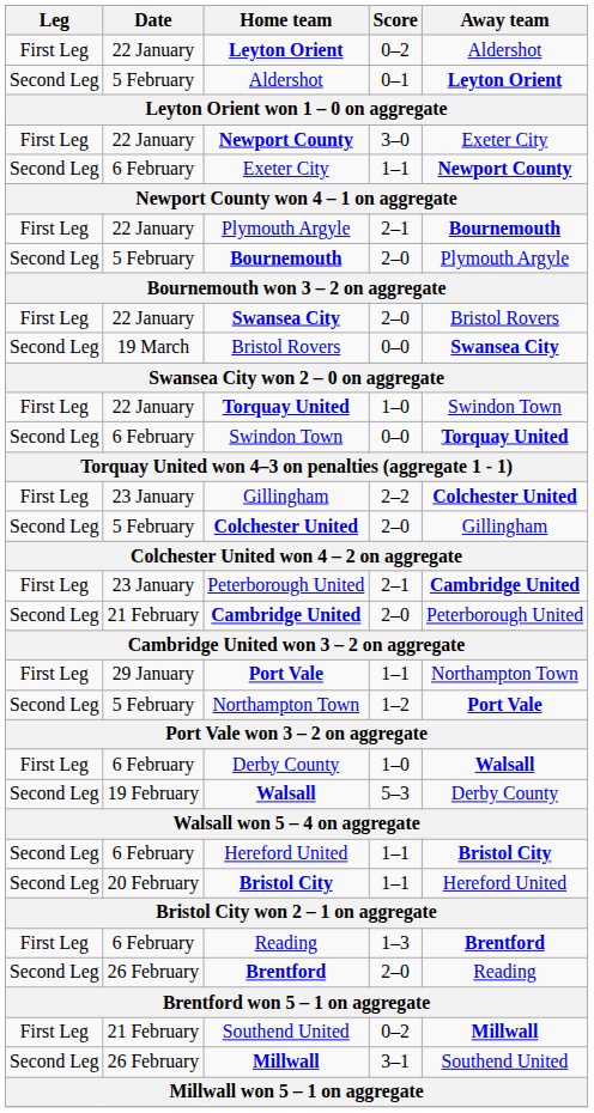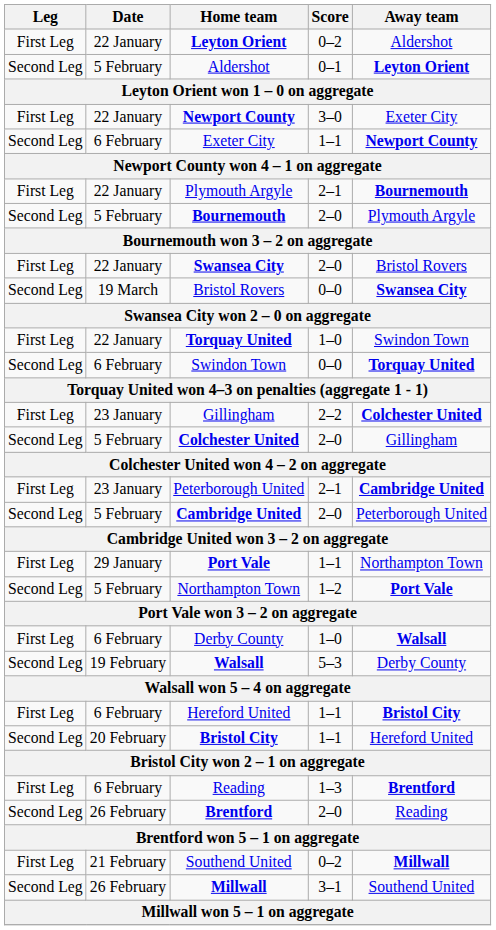 <table class="wikitable" style="text-align: center">
 <tr>
 <th>Leg</th>
 <th>Date</th>
 <th>Home team</th>
 <th>Score</th>
 <th>Away team</th>
 </tr>
 <tr>
 <td>First Leg</td>
 <td>22 January</td>
 <td><strong><a href='#'>Leyton Orient</a></strong></td>
 <td>0–2</td>
 <td><a href='#'>Aldershot</a></td>
 </tr>
 <tr>
 <td>Second Leg</td>
 <td>5 February</td>
 <td><a href='#'>Aldershot</a></td>
 <td>0–1</td>
 <td><strong><a href='#'>Leyton Orient</a></strong></td>
 </tr>
 <tr>
 <th colspan="5">Leyton Orient won 1 – 0 on aggregate</th>
 </tr>
 <tr>
 <td>First Leg</td>
 <td>22 January</td>
 <td><strong><a href='#'>Newport County</a></strong></td>
 <td>3–0</td>
 <td><a href='#'>Exeter City</a></td>
 </tr>
 <tr>
 <td>Second Leg</td>
 <td>6 February</td>
 <td><a href='#'>Exeter City</a></td>
 <td>1–1</td>
 <td><strong><a href='#'>Newport County</a></strong></td>
 </tr>
 <tr>
 <th colspan="5">Newport County won 4 – 1 on aggregate</th>
 </tr>
 <tr>
 <td>First Leg</td>
 <td>22 January</td>
 <td><a href='#'>Plymouth Argyle</a></td>
 <td>2–1</td>
 <td><strong><a href='#'>Bournemouth</a></strong></td>
 </tr>
 <tr>
 <td>Second Leg</td>
 <td>5 February</td>
 <td><strong><a href='#'>Bournemouth</a></strong></td>
 <td>2–0</td>
 <td><a href='#'>Plymouth Argyle</a></td>
 </tr>
 <tr>
 <th colspan="5">Bournemouth won 3 – 2 on aggregate</th>
 </tr>
 <tr>
 <td>First Leg</td>
 <td>22 January</td>
 <td><strong><a href='#'>Swansea City</a></strong></td>
 <td>2–0</td>
 <td><a href='#'>Bristol Rovers</a></td>
 </tr>
 <tr>
 <td>Second Leg</td>
 <td>19 March</td>
 <td><a href='#'>Bristol Rovers</a></td>
 <td>0–0</td>
 <td><strong><a href='#'>Swansea City</a></strong></td>
 </tr>
 <tr>
 <th colspan="5">Swansea City won 2 – 0 on aggregate</th>
 </tr>
 <tr>
 <td>First Leg</td>
 <td>22 January</td>
 <td><strong><a href='#'>Torquay United</a></strong></td>
 <td>1–0</td>
 <td><a href='#'>Swindon Town</a></td>
 </tr>
 <tr>
 <td>Second Leg</td>
 <td>6 February</td>
 <td><a href='#'>Swindon Town</a></td>
 <td>0–0</td>
 <td><strong><a href='#'>Torquay United</a></strong></td>
 </tr>
 <tr>
 <th colspan="5">Torquay United won 4–3 on penalties (aggregate 1 - 1)</th>
 </tr>
 <tr>
 <td>First Leg</td>
 <td>23 January</td>
 <td><a href='#'>Gillingham</a></td>
 <td>2–2</td>
 <td><strong><a href='#'>Colchester United</a></strong></td>
 </tr>
 <tr>
 <td>Second Leg</td>
 <td>5 February</td>
 <td><strong><a href='#'>Colchester United</a></strong></td>
 <td>2–0</td>
 <td><a href='#'>Gillingham</a></td>
 </tr>
 <tr>
 <th colspan="5">Colchester United won 4 – 2 on aggregate</th>
 </tr>
 <tr>
 <td>First Leg</td>
 <td>23 January</td>
 <td><a href='#'>Peterborough United</a></td>
 <td>2–1</td>
 <td><strong><a href='#'>Cambridge United</a></strong></td>
 </tr>
 <tr>
 <td>Second Leg</td>
-<td>21 February</td>
+<td>5 February</td>
 <td><strong><a href='#'>Cambridge United</a></strong></td>
 <td>2–0</td>
 <td><a href='#'>Peterborough United</a></td>
 </tr>
 <tr>
 <th colspan="5">Cambridge United won 3 – 2 on aggregate</th>
 </tr>
 <tr>
 <td>First Leg</td>
 <td>29 January</td>
 <td><strong><a href='#'>Port Vale</a></strong></td>
 <td>1–1</td>
 <td><a href='#'>Northampton Town</a></td>
 </tr>
 <tr>
 <td>Second Leg</td>
 <td>5 February</td>
 <td><a href='#'>Northampton Town</a></td>
 <td>1–2</td>
 <td><strong><a href='#'>Port Vale</a></strong></td>
 </tr>
 <tr>
 <th colspan="5">Port Vale won 3 – 2 on aggregate</th>
 </tr>
 <tr>
 <td>First Leg</td>
 <td>6 February</td>
 <td><a href='#'>Derby County</a></td>
 <td>1–0</td>
 <td><strong><a href='#'>Walsall</a></strong></td>
 </tr>
 <tr>
 <td>Second Leg</td>
 <td>19 February</td>
 <td><strong><a href='#'>Walsall</a></strong></td>
 <td>5–3</td>
 <td><a href='#'>Derby County</a></td>
 </tr>
 <tr>
 <th colspan="5">Walsall won 5 – 4 on aggregate</th>
 </tr>
 <tr>
-<td>Second Leg</td>
+<td>First Leg</td>
 <td>6 February</td>
 <td><a href='#'>Hereford United</a></td>
 <td>1–1</td>
 <td><strong><a href='#'>Bristol City</a></strong></td>
 </tr>
 <tr>
 <td>Second Leg</td>
 <td>20 February</td>
 <td><strong><a href='#'>Bristol City</a></strong></td>
 <td>1–1</td>
 <td><a href='#'>Hereford United</a></td>
 </tr>
 <tr>
 <th colspan="5">Bristol City won 2 – 1 on aggregate</th>
 </tr>
 <tr>
 <td>First Leg</td>
 <td>6 February</td>
 <td><a href='#'>Reading</a></td>
 <td>1–3</td>
 <td><strong><a href='#'>Brentford</a></strong></td>
 </tr>
 <tr>
 <td>Second Leg</td>
 <td>26 February</td>
 <td><strong><a href='#'>Brentford</a></strong></td>
 <td>2–0</td>
 <td><a href='#'>Reading</a></td>
 </tr>
 <tr>
 <th colspan="5">Brentford won 5 – 1 on aggregate</th>
 </tr>
 <tr>
 <td>First Leg</td>
 <td>21 February</td>
 <td><a href='#'>Southend United</a></td>
 <td>0–2</td>
 <td><strong><a href='#'>Millwall</a></strong></td>
 </tr>
 <tr>
 <td>Second Leg</td>
 <td>26 February</td>
 <td><strong><a href='#'>Millwall</a></strong></td>
 <td>3–1</td>
 <td><a href='#'>Southend United</a></td>
 </tr>
 <tr>
 <th colspan="5">Millwall won 5 – 1 on aggregate</th>
 </tr>
 <tr>
 </tr>
 </table>
